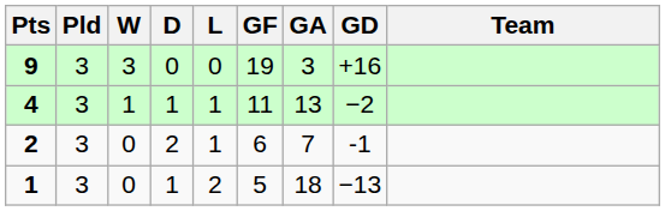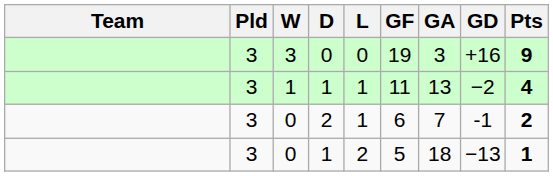 <table class="wikitable" style="text-align:center;">
 <tr>
-<th width=20>Pts</th>
+<th width=165>Team</th>
 <th width=20>Pld</th>
 <th width=20>W</th>
 <th width=20>D</th>
 <th width=20>L</th>
 <th width=20>GF</th>
 <th width=20>GA</th>
 <th width=20>GD</th>
-<th width=165>Team</th>
+<th width=20>Pts</th>
 </tr>
 <tr bgcolor=#CCFFCC>
-<td><strong>9</strong></td>
+<td style="text-align:left;"></td>
 <td>3</td>
 <td>3</td>
 <td>0</td>
 <td>0</td>
 <td>19</td>
 <td>3</td>
 <td>+16</td>
-<td style="text-align:left;"></td>
+<td><strong>9</strong></td>
 </tr>
 <tr bgcolor=#CCFFCC>
-<td><strong>4</strong></td>
+<td style="text-align:left;"></td>
 <td>3</td>
 <td>1</td>
 <td>1</td>
 <td>1</td>
 <td>11</td>
 <td>13</td>
 <td>−2</td>
-<td style="text-align:left;"></td>
+<td><strong>4</strong></td>
 </tr>
 <tr>
-<td><strong>2</strong></td>
+<td style="text-align:left;"></td>
 <td>3</td>
 <td>0</td>
 <td>2</td>
 <td>1</td>
 <td>6</td>
 <td>7</td>
 <td>-1</td>
-<td style="text-align:left;"></td>
+<td><strong>2</strong></td>
 </tr>
 <tr>
-<td><strong>1</strong></td>
+<td style="text-align:left;"></td>
 <td>3</td>
 <td>0</td>
 <td>1</td>
 <td>2</td>
 <td>5</td>
 <td>18</td>
 <td>−13</td>
-<td style="text-align:left;"></td>
+<td><strong>1</strong></td>
 </tr>
 </table>
